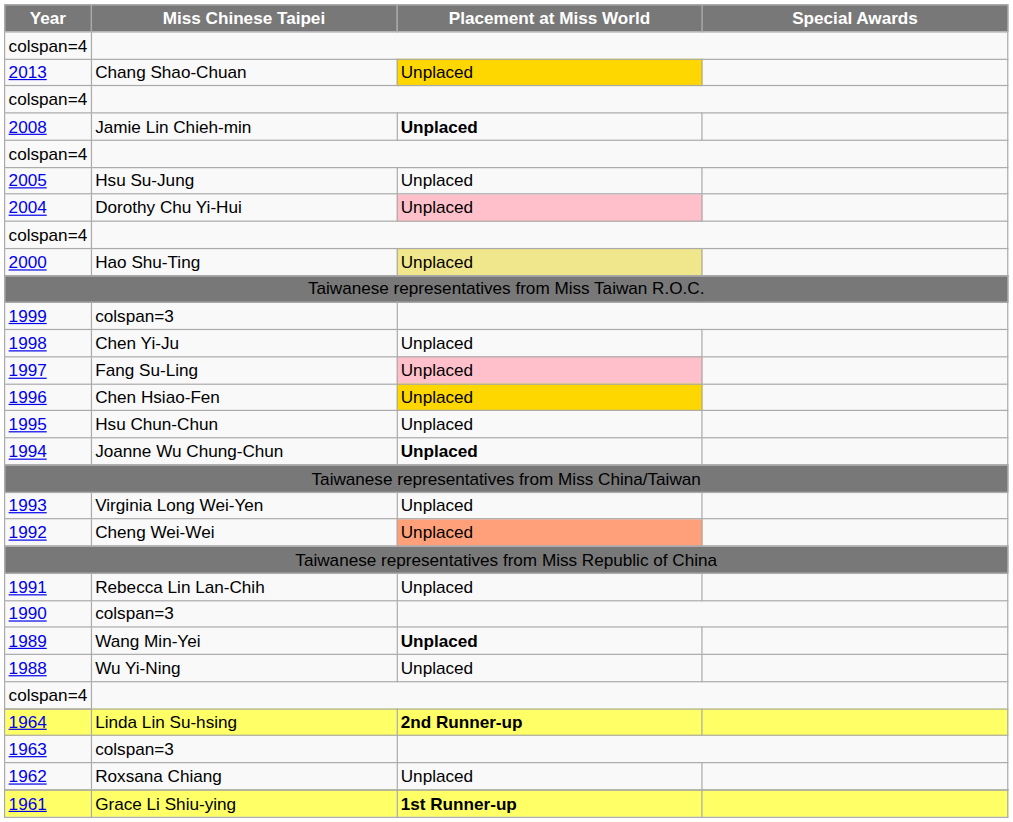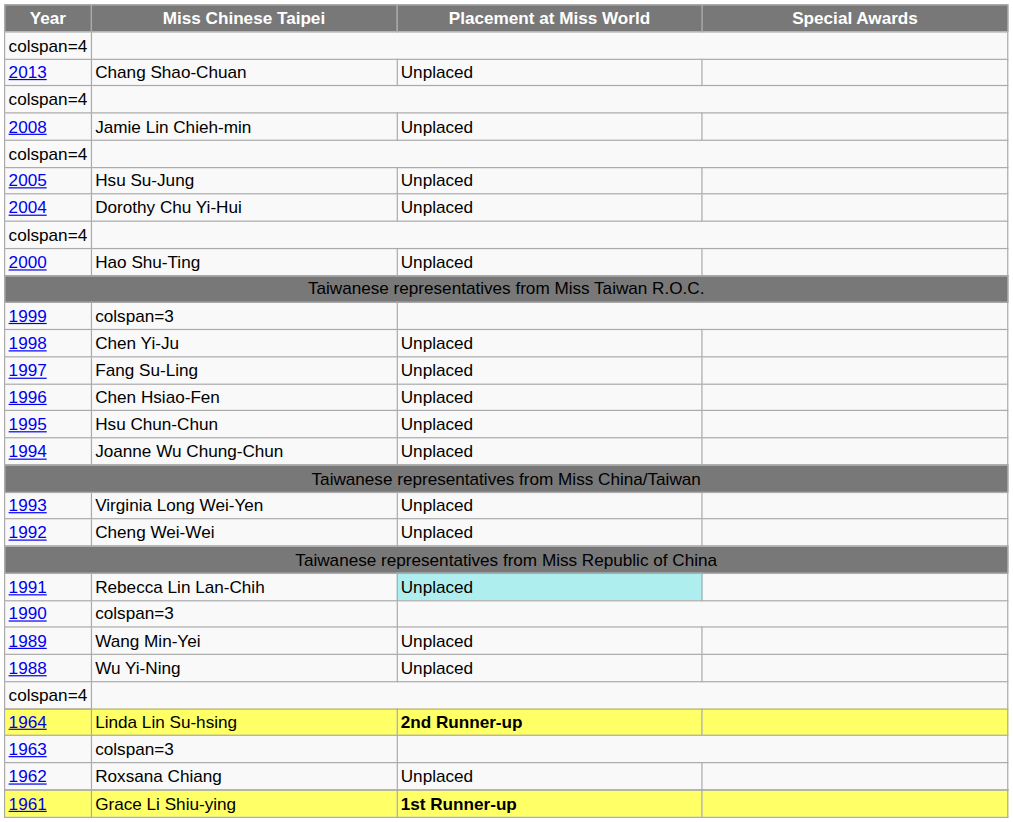 <table class="wikitable " style="font-size: 90%;">
 <tr>
 <th width="60" style="background-color:#787878;color:#FFFFFF;">Year</th>
 <th width="250" style="background-color:#787878;color:#FFFFFF;">Miss Chinese Taipei</th>
 <th width="250" style="background-color:#787878;color:#FFFFFF;">Placement at Miss World</th>
 <th width="250" style="background-color:#787878;color:#FFFFFF;">Special Awards</th>
 </tr>
 <tr>
 <td>colspan=4 </td>
 </tr>
 <tr>
 <td><a href='#'>2013</a></td>
 <td>Chang Shao-Chuan</td>
-<td style="background: gold;">Unplaced</td>
+<td>Unplaced</td>
 <td></td>
 </tr>
 <tr>
 <td>colspan=4 </td>
 </tr>
 <tr>
 <td><a href='#'>2008</a></td>
 <td>Jamie Lin Chieh-min</td>
-<td><strong>Unplaced</strong></td>
+<td>Unplaced</td>
 <td></td>
 </tr>
 <tr>
 <td>colspan=4 </td>
 </tr>
 <tr>
 <td><a href='#'>2005</a></td>
 <td>Hsu Su-Jung</td>
 <td>Unplaced</td>
 <td></td>
 </tr>
 <tr>
 <td><a href='#'>2004</a></td>
 <td>Dorothy Chu Yi-Hui</td>
-<td style="background: pink;">Unplaced</td>
+<td>Unplaced</td>
 <td></td>
 </tr>
 <tr>
 <td>colspan=4 </td>
 </tr>
 <tr>
 <td><a href='#'>2000</a></td>
 <td>Hao Shu-Ting</td>
-<td style="background: khaki;">Unplaced</td>
+<td>Unplaced</td>
 <td></td>
 </tr>
 <tr>
 </tr>
 <tr bgcolor="#787878" align="center">
 <td colspan="4"><span>Taiwanese representatives from Miss Taiwan R.O.C.</span></td>
 </tr>
 <tr>
 <td><a href='#'>1999</a></td>
 <td>colspan=3 </td>
 </tr>
 <tr>
 <td><a href='#'>1998</a></td>
 <td>Chen Yi-Ju</td>
 <td>Unplaced</td>
 <td></td>
 </tr>
 <tr>
 <td><a href='#'>1997</a></td>
 <td>Fang Su-Ling</td>
-<td style="background: pink;">Unplaced</td>
+<td>Unplaced</td>
 <td></td>
 </tr>
 <tr>
 <td><a href='#'>1996</a></td>
 <td>Chen Hsiao-Fen</td>
-<td style="background: gold;">Unplaced</td>
+<td>Unplaced</td>
 <td></td>
 </tr>
 <tr>
 <td><a href='#'>1995</a></td>
 <td>Hsu Chun-Chun</td>
 <td>Unplaced</td>
 <td></td>
 </tr>
 <tr>
 <td><a href='#'>1994</a></td>
 <td>Joanne Wu Chung-Chun</td>
-<td><strong>Unplaced</strong></td>
+<td>Unplaced</td>
 <td></td>
 </tr>
 <tr>
 </tr>
 <tr bgcolor="#787878" align="center">
 <td colspan="4"><span>Taiwanese representatives from Miss China/Taiwan</span></td>
 </tr>
 <tr>
 <td><a href='#'>1993</a></td>
 <td>Virginia Long Wei-Yen</td>
 <td>Unplaced</td>
 <td></td>
 </tr>
 <tr>
 <td><a href='#'>1992</a></td>
 <td>Cheng Wei-Wei</td>
-<td style="background: lightsalmon;">Unplaced</td>
+<td>Unplaced</td>
 <td></td>
 </tr>
 <tr>
 </tr>
 <tr bgcolor="#787878" align="center">
 <td colspan="4"><span>Taiwanese representatives from Miss Republic of China</span></td>
 </tr>
 <tr>
 <td><a href='#'>1991</a></td>
 <td>Rebecca Lin Lan-Chih</td>
-<td>Unplaced</td>
+<td style="background: paleturquoise;">Unplaced</td>
 <td></td>
 </tr>
 <tr>
 <td><a href='#'>1990</a></td>
 <td>colspan=3 </td>
 </tr>
 <tr>
 <td><a href='#'>1989</a></td>
 <td>Wang Min-Yei</td>
-<td><strong>Unplaced</strong></td>
+<td>Unplaced</td>
 <td></td>
 </tr>
 <tr>
 <td><a href='#'>1988</a></td>
 <td>Wu Yi-Ning</td>
 <td>Unplaced</td>
 <td></td>
 </tr>
 <tr>
 <td>colspan=4 </td>
 </tr>
 <tr>
 </tr>
 <tr style="background-color:#FFFF66; font-weight:">
 <td><a href='#'>1964</a></td>
 <td>Linda Lin Su-hsing</td>
 <td><strong>2nd Runner-up</strong></td>
 <td></td>
 </tr>
 <tr>
 <td><a href='#'>1963</a></td>
 <td>colspan=3 </td>
 </tr>
 <tr>
 <td><a href='#'>1962</a></td>
 <td>Roxsana Chiang</td>
 <td>Unplaced</td>
 <td></td>
 </tr>
 <tr>
 </tr>
 <tr style="background-color:#FFFF66; font-weight:">
 <td><a href='#'>1961</a></td>
 <td>Grace Li Shiu-ying</td>
 <td><strong>1st Runner-up</strong></td>
 <td></td>
 </tr>
 </table>
